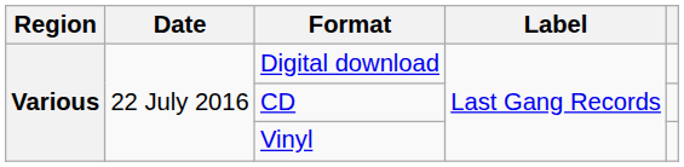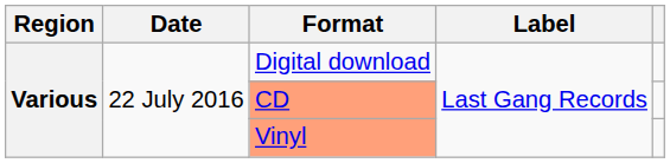 <table class="wikitable plainrowheaders">
 <tr>
 <th>Region</th>
 <th>Date</th>
 <th>Format</th>
 <th>Label</th>
 <th></th>
 </tr>
 <tr>
 <th scope="row" rowspan=3>Various</th>
 <td rowspan="3">22 July 2016</td>
 <td><a href='#'>Digital download</a></td>
 <td rowspan="3"><a href='#'>Last Gang Records</a></td>
 <td></td>
 </tr>
 <tr>
-<td><a href='#'>CD</a></td>
+<td style="background: lightsalmon;"><a href='#'>CD</a></td>
 <td></td>
 </tr>
 <tr>
-<td><a href='#'>Vinyl</a></td>
+<td style="background: lightsalmon;"><a href='#'>Vinyl</a></td>
 <td></td>
 </tr>
 </table>
